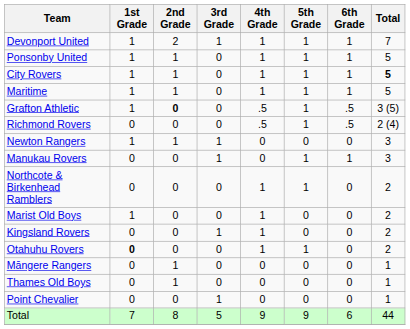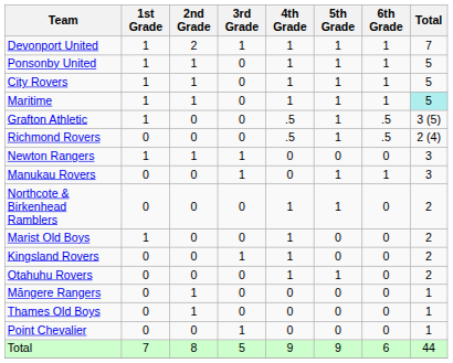 <table class="wikitable" style="text-align:center;">
 <tr>
 <th width=220>Team</th>
 <th width=70 abbr="1st Grade">1st Grade</th>
 <th width=70 abbr="2nd Grade">2nd Grade</th>
 <th width=70 abbr="3rd Grade">3rd Grade</th>
 <th width=70 abbr="4th Grade">4th Grade</th>
 <th width=70 abbr="5th Grade">5th Grade</th>
 <th width=70 abbr="6th Grade">6th Grade</th>
 <th width=50 abbr="Total">Total</th>
 </tr>
 <tr>
 <td style="text-align:left;"><a href='#'>Devonport United</a></td>
 <td>1</td>
 <td>2</td>
 <td>1</td>
 <td>1</td>
 <td>1</td>
 <td>1</td>
 <td>7</td>
 </tr>
 <tr>
 <td style="text-align:left;"><a href='#'>Ponsonby United</a></td>
 <td>1</td>
 <td>1</td>
 <td>0</td>
 <td>1</td>
 <td>1</td>
 <td>1</td>
 <td>5</td>
 </tr>
 <tr>
 <td style="text-align:left;"><a href='#'>City Rovers</a></td>
 <td>1</td>
 <td>1</td>
 <td>0</td>
 <td>1</td>
 <td>1</td>
 <td>1</td>
-<td><strong>5</strong></td>
+<td>5</td>
 </tr>
 <tr>
 <td style="text-align:left;"><a href='#'>Maritime</a></td>
 <td>1</td>
 <td>1</td>
 <td>0</td>
 <td>1</td>
 <td>1</td>
 <td>1</td>
-<td>5</td>
+<td style="background: paleturquoise;">5</td>
 </tr>
 <tr>
 <td style="text-align:left;"><a href='#'>Grafton Athletic</a></td>
 <td>1</td>
-<td><strong>0</strong></td>
+<td>0</td>
 <td>0</td>
 <td>.5</td>
 <td>1</td>
 <td>.5</td>
 <td>3 (5)</td>
 </tr>
 <tr>
 <td style="text-align:left;"><a href='#'>Richmond Rovers</a></td>
 <td>0</td>
 <td>0</td>
 <td>0</td>
 <td>.5</td>
 <td>1</td>
 <td>.5</td>
 <td>2 (4)</td>
 </tr>
 <tr>
 <td style="text-align:left;"><a href='#'>Newton Rangers</a></td>
 <td>1</td>
 <td>1</td>
 <td>1</td>
 <td>0</td>
 <td>0</td>
 <td>0</td>
 <td>3</td>
 </tr>
 <tr>
 <td style="text-align:left;"><a href='#'>Manukau Rovers</a></td>
 <td>0</td>
 <td>0</td>
 <td>1</td>
 <td>0</td>
 <td>1</td>
 <td>1</td>
 <td>3</td>
 </tr>
 <tr>
 <td style="text-align:left;"><a href='#'>Northcote & Birkenhead Ramblers</a></td>
 <td>0</td>
 <td>0</td>
 <td>0</td>
 <td>1</td>
 <td>1</td>
 <td>0</td>
 <td>2</td>
 </tr>
 <tr>
 <td style="text-align:left;"><a href='#'>Marist Old Boys</a></td>
 <td>1</td>
 <td>0</td>
 <td>0</td>
 <td>1</td>
 <td>0</td>
 <td>0</td>
 <td>2</td>
 </tr>
 <tr>
 <td style="text-align:left;"><a href='#'>Kingsland Rovers</a></td>
 <td>0</td>
 <td>0</td>
 <td>1</td>
 <td>1</td>
 <td>0</td>
 <td>0</td>
 <td>2</td>
 </tr>
 <tr>
 <td style="text-align:left;"><a href='#'>Otahuhu Rovers</a></td>
-<td><strong>0</strong></td>
+<td>0</td>
 <td>0</td>
 <td>0</td>
 <td>1</td>
 <td>1</td>
 <td>0</td>
 <td>2</td>
 </tr>
 <tr>
 <td style="text-align:left;"><a href='#'>Māngere Rangers</a></td>
 <td>0</td>
 <td>1</td>
 <td>0</td>
 <td>0</td>
 <td>0</td>
 <td>0</td>
 <td>1</td>
 </tr>
 <tr>
 <td style="text-align:left;"><a href='#'>Thames Old Boys</a></td>
 <td>0</td>
 <td>1</td>
 <td>0</td>
 <td>0</td>
 <td>0</td>
 <td>0</td>
 <td>1</td>
 </tr>
 <tr>
 <td style="text-align:left;"><a href='#'>Point Chevalier</a></td>
 <td>0</td>
 <td>0</td>
 <td>1</td>
 <td>0</td>
 <td>0</td>
 <td>0</td>
 <td>1</td>
 </tr>
 <tr style="background: #ccffcc;">
 <td style="text-align:left;">Total</td>
 <td>7</td>
 <td>8</td>
 <td>5</td>
 <td>9</td>
 <td>9</td>
 <td>6</td>
 <td>44</td>
 </tr>
 <tr>
 </tr>
 </table>
